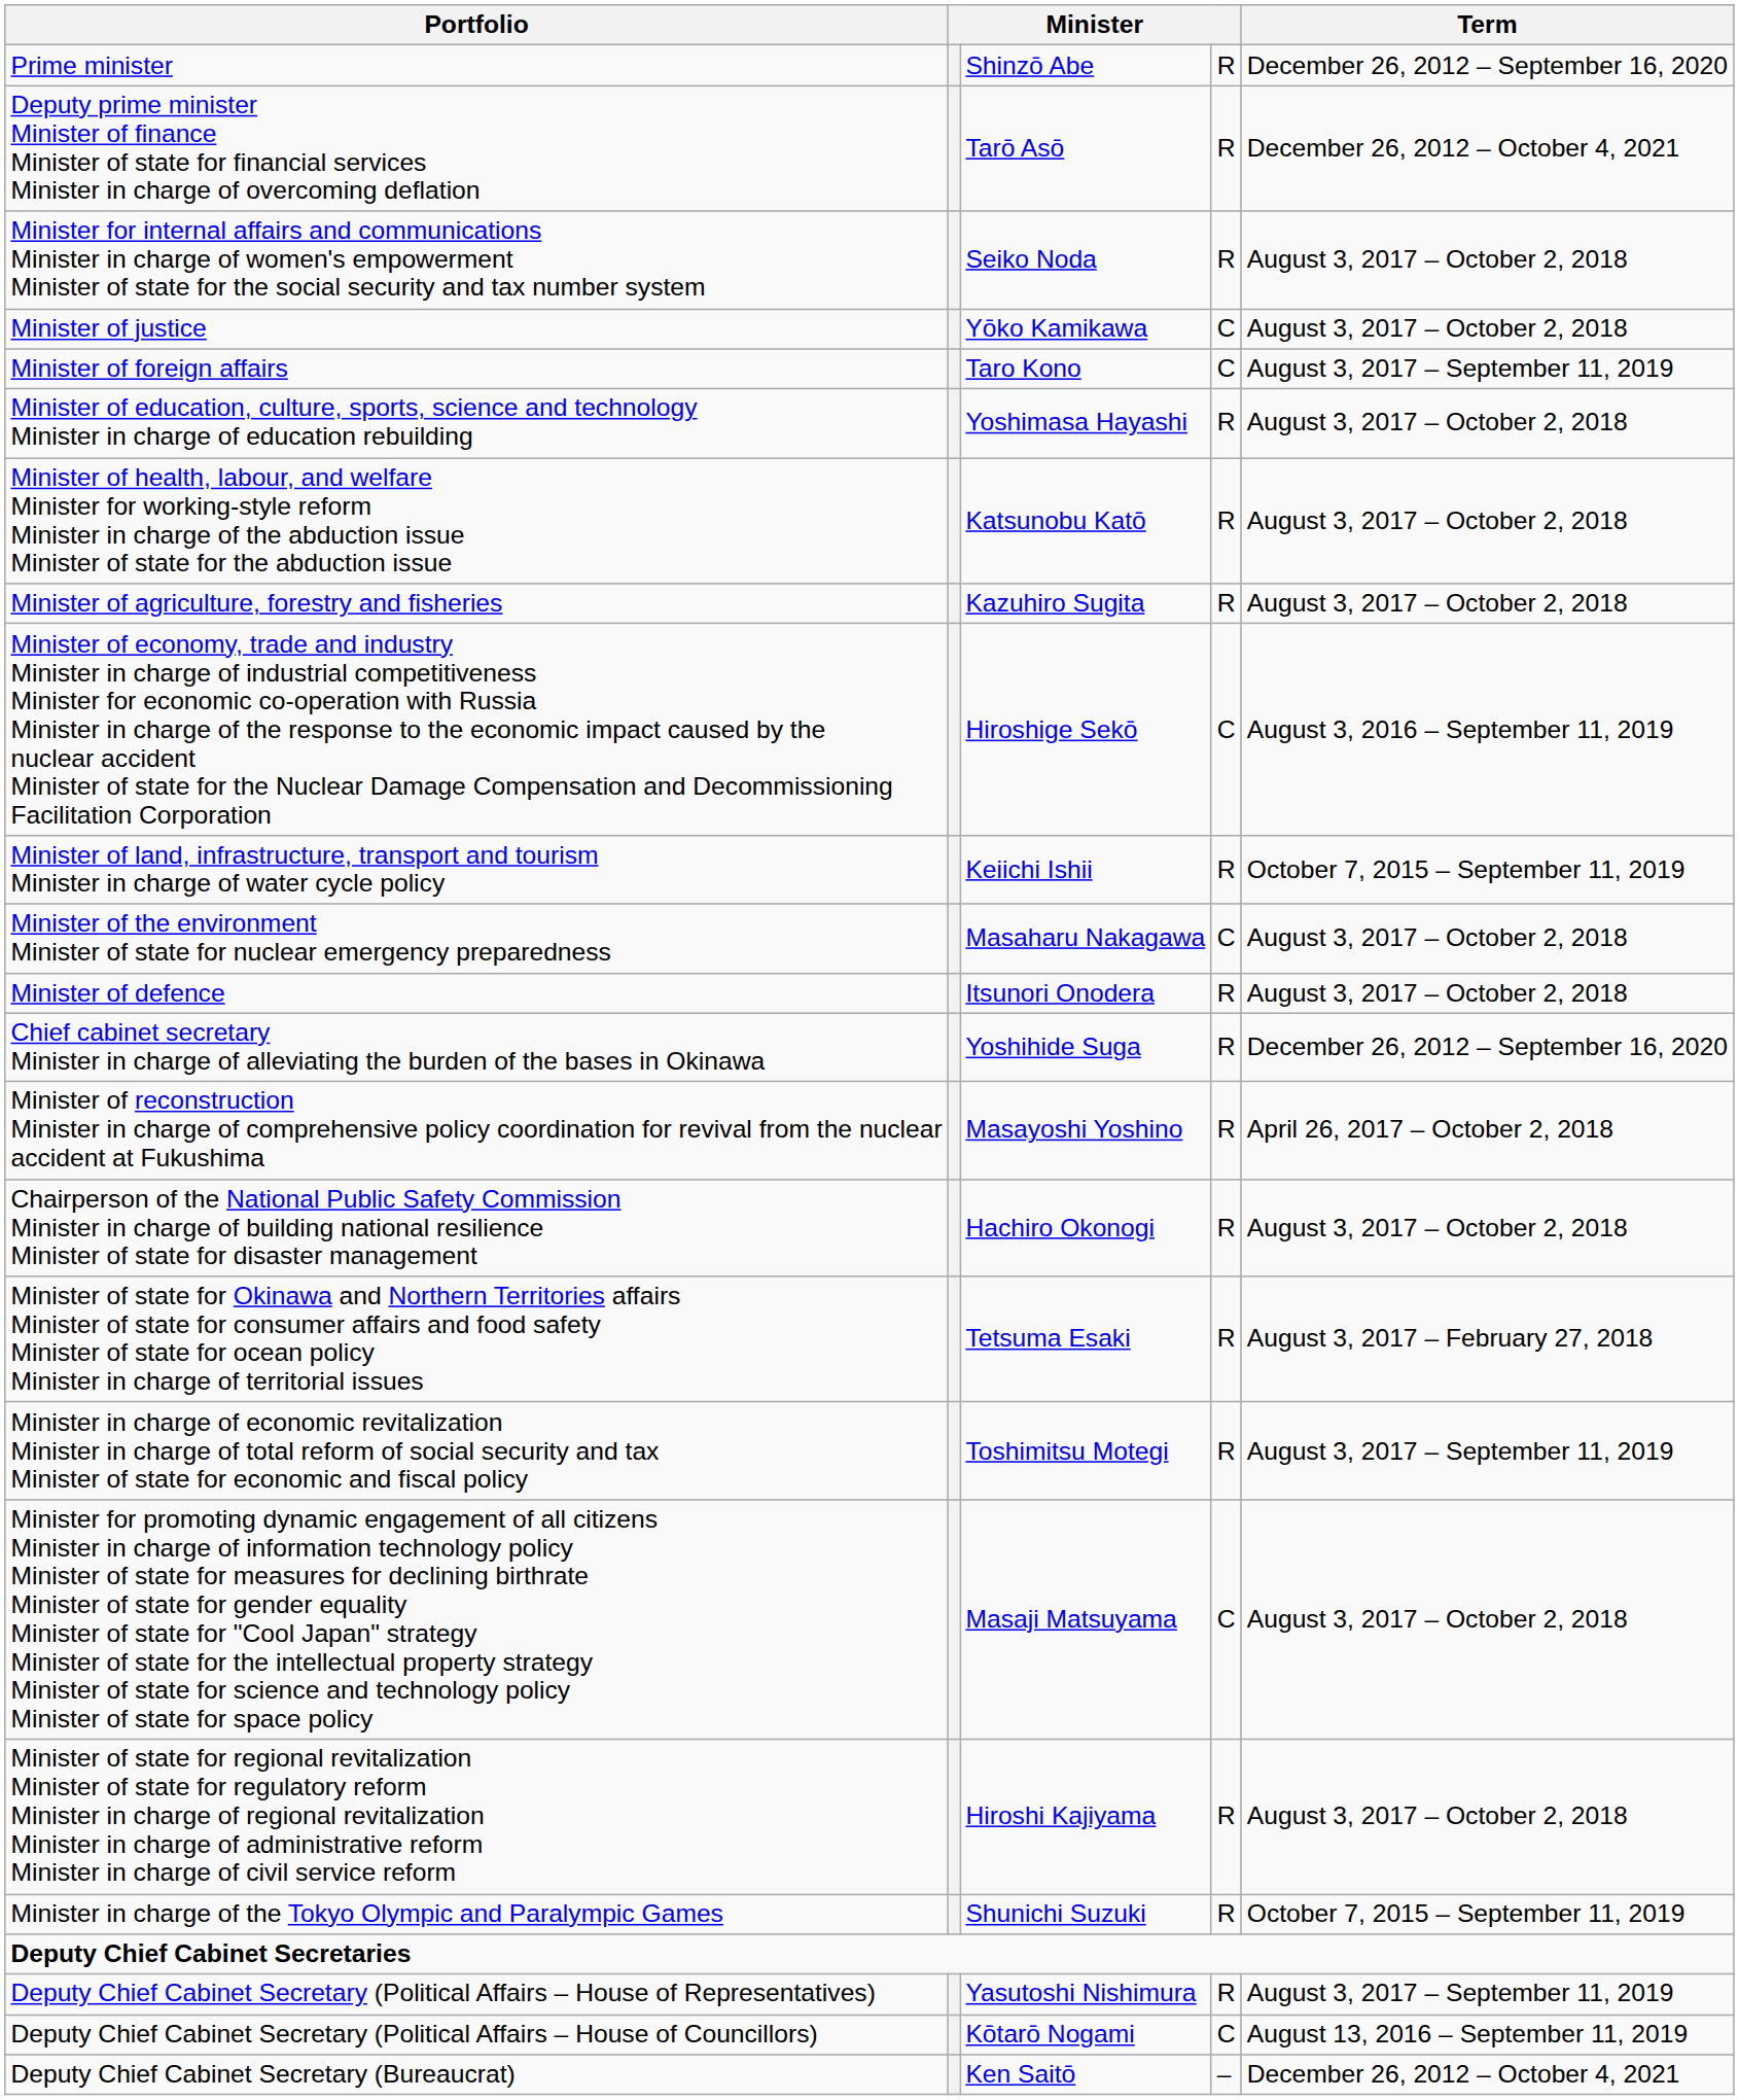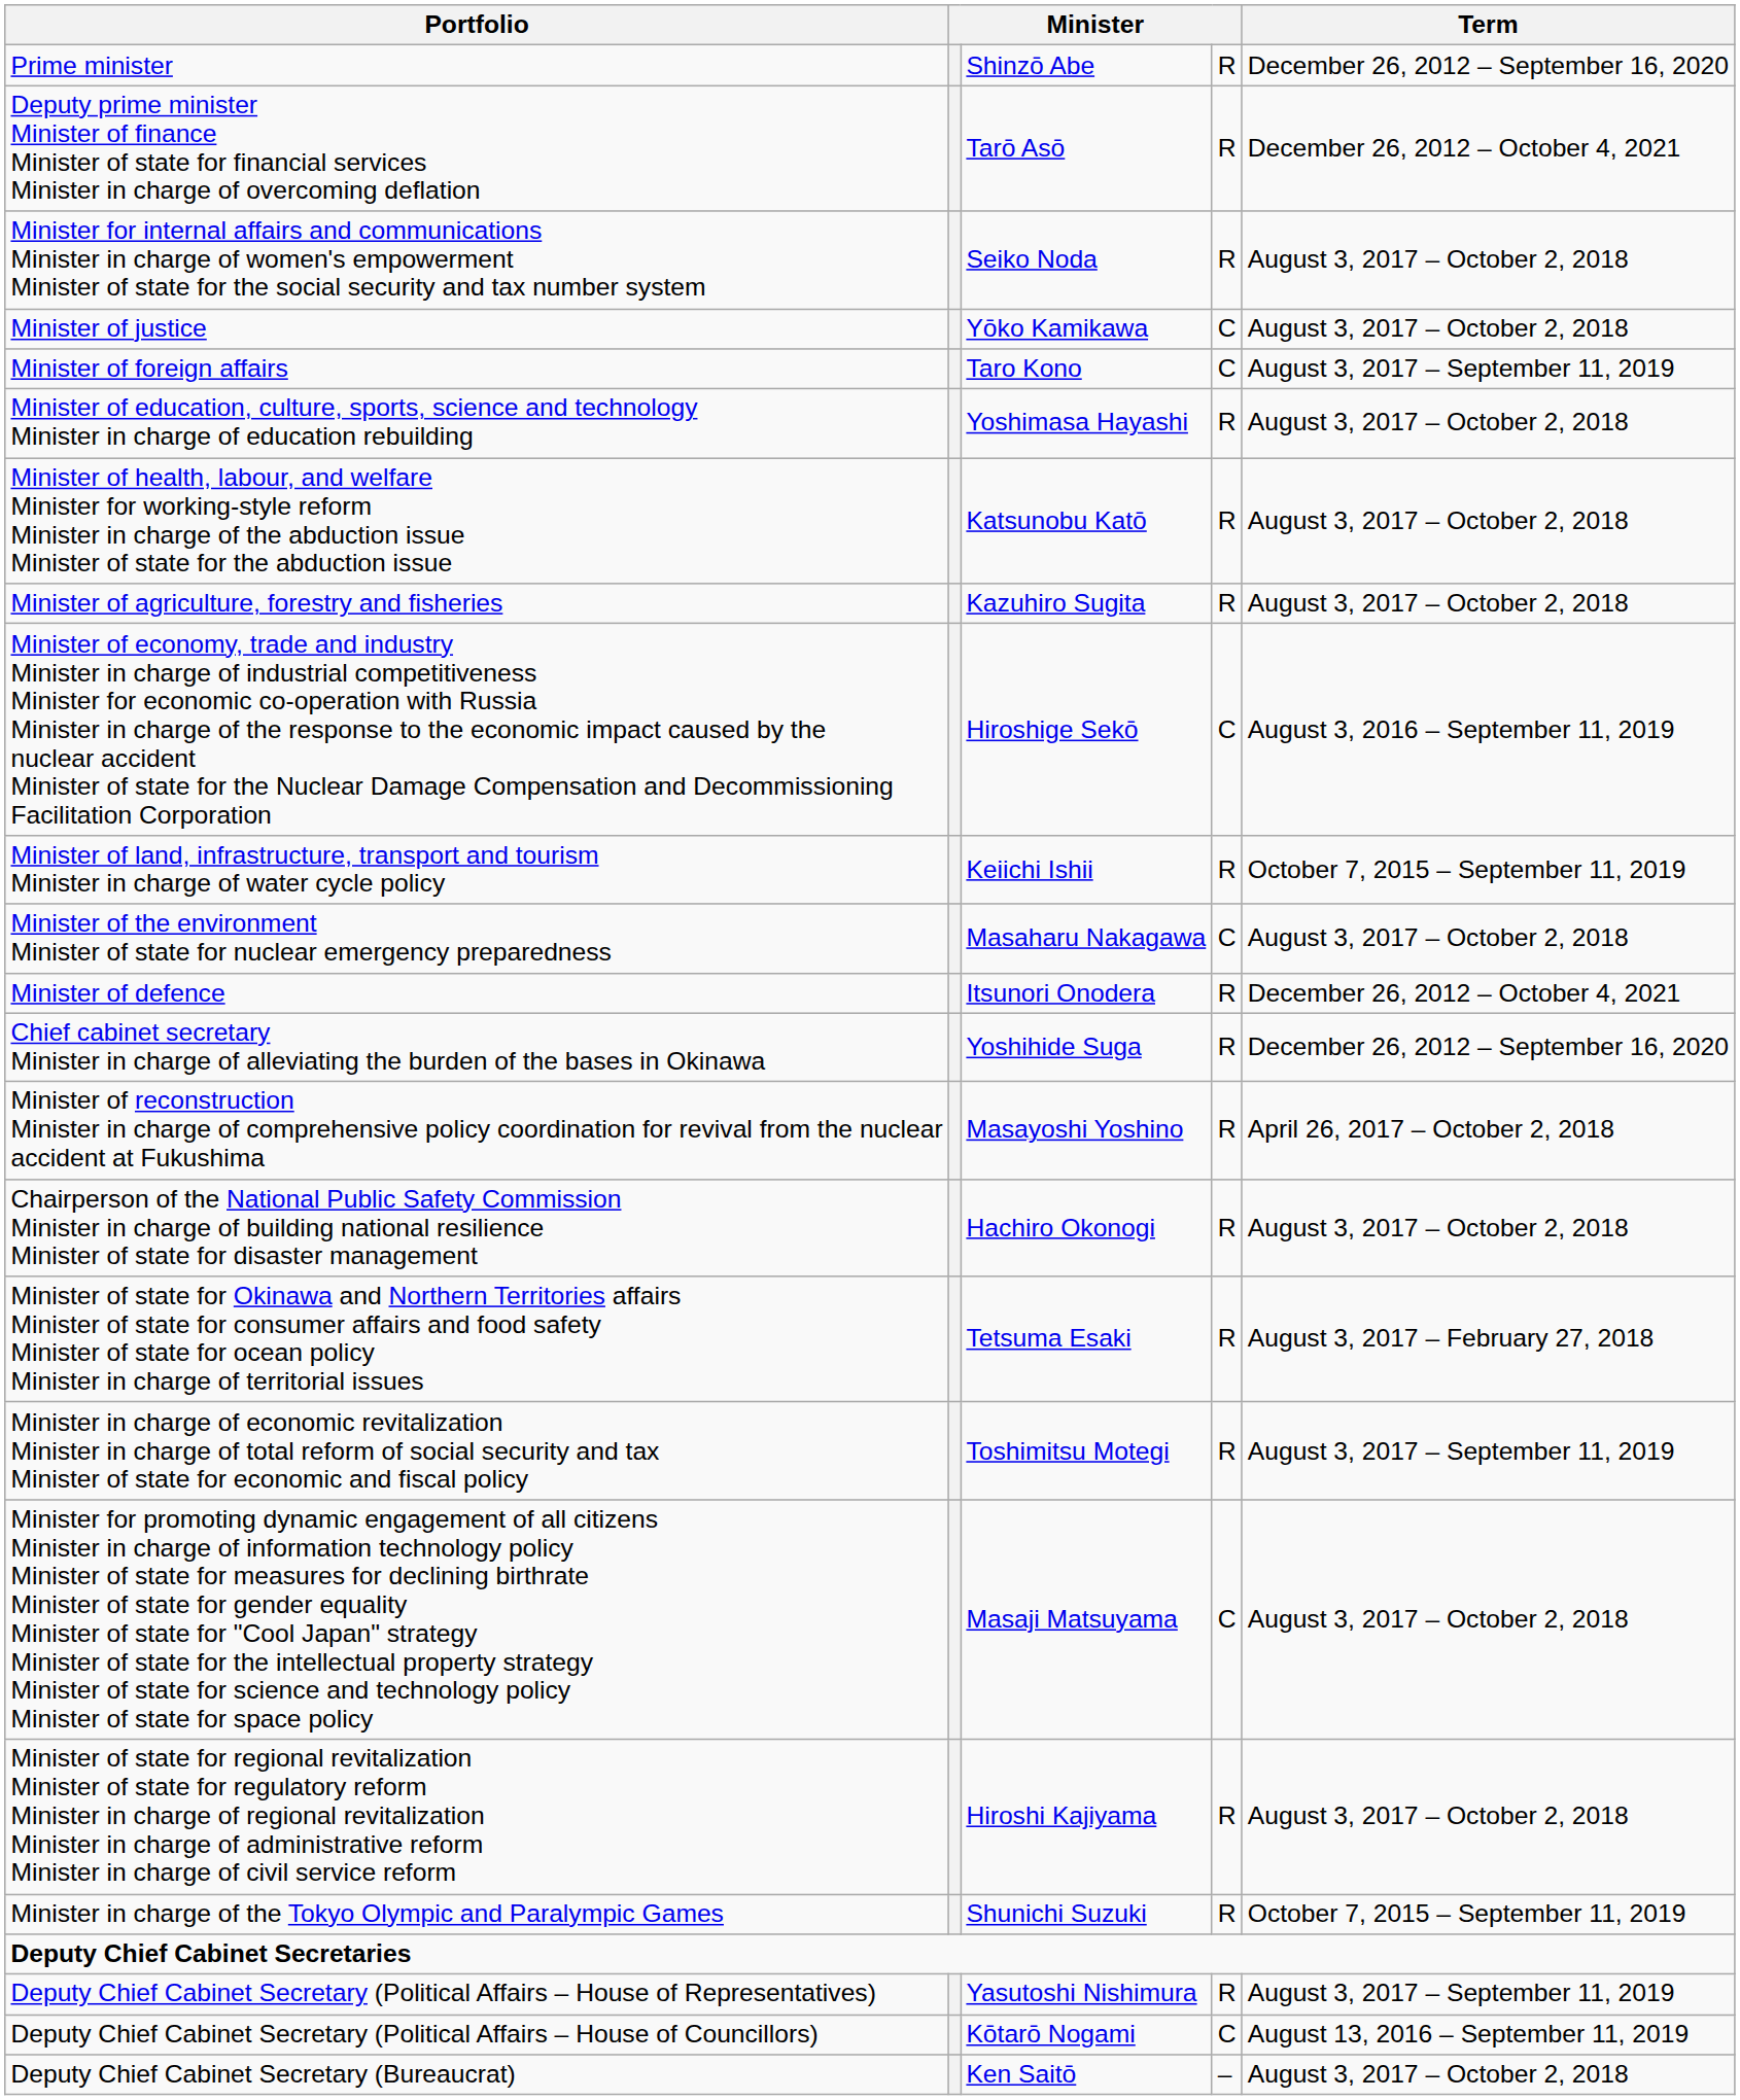 <table class="wikitable">
 <tr>
 <th>Portfolio</th>
 <th colspan=3>Minister</th>
 <th colspan=2>Term</th>
 </tr>
 <tr>
 <td><a href='#'>Prime minister</a></td>
 <th style="color:inherit;background-color: "></th>
 <td><a href='#'>Shinzō Abe</a></td>
 <td>R</td>
 <td>December 26, 2012 – September 16, 2020</td>
 </tr>
 <tr>
 <td><a href='#'>Deputy prime minister</a><br><a href='#'>Minister of finance</a><br>Minister of state for financial services<br>Minister in charge of overcoming deflation</td>
 <th style="color:inherit;background-color: "></th>
 <td><a href='#'>Tarō Asō</a></td>
 <td>R</td>
 <td>December 26, 2012 – October 4, 2021</td>
 </tr>
 <tr>
 <td><a href='#'>Minister for internal affairs and communications</a><br>Minister in charge of women's empowerment<br>Minister of state for the social security and tax number system</td>
 <th style="color:inherit;background-color: "></th>
 <td><a href='#'>Seiko Noda</a></td>
 <td>R</td>
 <td>August 3, 2017 – October 2, 2018</td>
 </tr>
 <tr>
 <td><a href='#'>Minister of justice</a></td>
 <th style="color:inherit;background-color: "></th>
 <td><a href='#'>Yōko Kamikawa</a></td>
 <td>C</td>
 <td>August 3, 2017 – October 2, 2018</td>
 </tr>
 <tr>
 <td><a href='#'>Minister of foreign affairs</a></td>
 <th style="color:inherit;background-color: "></th>
 <td><a href='#'>Taro Kono</a></td>
 <td>C</td>
 <td>August 3, 2017 – September 11, 2019</td>
 </tr>
 <tr>
 <td><a href='#'>Minister of education, culture, sports, science and technology</a><br>Minister in charge of education rebuilding</td>
 <th style="color:inherit;background-color: "></th>
 <td><a href='#'>Yoshimasa Hayashi</a></td>
 <td>R</td>
 <td>August 3, 2017 – October 2, 2018</td>
 </tr>
 <tr>
 <td><a href='#'>Minister of health, labour, and welfare</a> <br>Minister for working-style reform<br>Minister in charge of the abduction issue<br>Minister of state for the abduction issue</td>
 <th style="color:inherit;background-color: "></th>
 <td><a href='#'>Katsunobu Katō</a></td>
 <td>R</td>
 <td>August 3, 2017 – October 2, 2018</td>
 </tr>
 <tr>
 <td><a href='#'>Minister of agriculture, forestry and fisheries</a></td>
 <th style="color:inherit;background-color: "></th>
 <td><a href='#'>Kazuhiro Sugita</a></td>
 <td>R</td>
 <td>August 3, 2017 – October 2, 2018</td>
 </tr>
 <tr>
 <td><a href='#'>Minister of economy, trade and industry</a><br>Minister in charge of industrial competitiveness<br>Minister for economic co-operation with Russia<br>Minister in charge of the response to the economic impact caused by the<br>nuclear accident<br>Minister of state for the Nuclear Damage Compensation and Decommissioning<br>Facilitation Corporation</td>
 <th style="color:inherit;background-color: "></th>
 <td><a href='#'>Hiroshige Sekō</a></td>
 <td>C</td>
 <td>August 3, 2016 – September 11, 2019</td>
 </tr>
 <tr>
 <td><a href='#'>Minister of land, infrastructure, transport and tourism</a><br>Minister in charge of water cycle policy</td>
 <th style="color:inherit;background-color: "></th>
 <td><a href='#'>Keiichi Ishii</a></td>
 <td>R</td>
 <td>October 7, 2015 – September 11, 2019</td>
 </tr>
 <tr>
 <td><a href='#'>Minister of the environment</a><br>Minister of state for nuclear emergency preparedness</td>
 <th style="color:inherit;background-color: "></th>
 <td><a href='#'>Masaharu Nakagawa</a></td>
 <td>C</td>
 <td>August 3, 2017 – October 2, 2018</td>
 </tr>
 <tr>
 <td><a href='#'>Minister of defence</a></td>
 <th style="color:inherit;background-color: "></th>
 <td><a href='#'>Itsunori Onodera</a></td>
 <td>R</td>
-<td>August 3, 2017 – October 2, 2018</td>
+<td>December 26, 2012 – October 4, 2021</td>
 </tr>
 <tr>
 <td><a href='#'>Chief cabinet secretary</a><br>Minister in charge of alleviating the burden of the bases in Okinawa</td>
 <th style="color:inherit;background-color: "></th>
 <td><a href='#'>Yoshihide Suga</a></td>
 <td>R</td>
 <td>December 26, 2012 – September 16, 2020</td>
 </tr>
 <tr>
 <td>Minister of <a href='#'>reconstruction</a><br>Minister in charge of comprehensive policy coordination for revival from the nuclear<br>accident at Fukushima</td>
 <th style="color:inherit;background-color: "></th>
 <td><a href='#'>Masayoshi Yoshino</a></td>
 <td>R</td>
 <td>April 26, 2017 – October 2, 2018</td>
 </tr>
 <tr>
 <td>Chairperson of the <a href='#'>National Public Safety Commission</a><br>Minister in charge of building national resilience<br>Minister of state for disaster management</td>
 <th style="color:inherit;background-color: "></th>
 <td><a href='#'>Hachiro Okonogi</a></td>
 <td>R</td>
 <td>August 3, 2017 – October 2, 2018</td>
 </tr>
 <tr>
 <td>Minister of state for <a href='#'>Okinawa</a> and <a href='#'>Northern Territories</a> affairs<br>Minister of state for consumer affairs and food safety<br>Minister of state for ocean policy<br>Minister in charge of territorial issues</td>
 <th style="color:inherit;background-color: "></th>
 <td><a href='#'>Tetsuma Esaki</a></td>
 <td>R</td>
 <td>August 3, 2017 – February 27, 2018</td>
 </tr>
 <tr>
 <td>Minister in charge of economic revitalization<br>Minister in charge of total reform of social security and tax<br>Minister of state for economic and fiscal policy</td>
 <th style="color:inherit;background-color: "></th>
 <td><a href='#'>Toshimitsu Motegi</a></td>
 <td>R</td>
 <td>August 3, 2017 – September 11, 2019</td>
 </tr>
 <tr>
 <td>Minister for promoting dynamic engagement of all citizens<br>Minister in charge of information technology policy<br>Minister of state for measures for declining birthrate<br>Minister of state for gender equality<br>Minister of state for "Cool Japan" strategy<br>Minister of state for the intellectual property strategy<br>Minister of state for science and technology policy<br>Minister of state for space policy</td>
 <th style="color:inherit;background-color: "></th>
 <td><a href='#'>Masaji Matsuyama</a></td>
 <td>C</td>
 <td>August 3, 2017 – October 2, 2018</td>
 </tr>
 <tr>
 <td>Minister of state for regional revitalization<br>Minister of state for regulatory reform<br>Minister in charge of regional revitalization<br>Minister in charge of administrative reform<br>Minister in charge of civil service reform</td>
 <th style="color:inherit;background-color: "></th>
 <td><a href='#'>Hiroshi Kajiyama</a></td>
 <td>R</td>
 <td>August 3, 2017 – October 2, 2018</td>
 </tr>
 <tr>
 <td>Minister in charge of the <a href='#'>Tokyo Olympic and Paralympic Games</a></td>
 <th style="color:inherit;background-color: "></th>
 <td><a href='#'>Shunichi Suzuki</a></td>
 <td>R</td>
 <td>October 7, 2015 – September 11, 2019</td>
 </tr>
 <tr>
 <td colspan=5><strong>Deputy Chief Cabinet Secretaries</strong></td>
 </tr>
 <tr>
 <td><a href='#'>Deputy Chief Cabinet Secretary</a> (Political Affairs – House of Representatives)</td>
 <th style="color:inherit;background-color: "></th>
 <td><a href='#'>Yasutoshi Nishimura</a></td>
 <td>R</td>
 <td>August 3, 2017 – September 11, 2019</td>
 </tr>
 <tr>
 <td>Deputy Chief Cabinet Secretary (Political Affairs – House of Councillors)</td>
 <th style="color:inherit;background-color: "></th>
 <td><a href='#'>Kōtarō Nogami</a></td>
 <td>C</td>
 <td>August 13, 2016 – September 11, 2019</td>
 </tr>
 <tr>
 <td>Deputy Chief Cabinet Secretary (Bureaucrat)</td>
 <th style="color:inherit;background-color: "></th>
 <td><a href='#'>Ken Saitō</a></td>
 <td>–</td>
-<td>December 26, 2012 – October 4, 2021</td>
+<td>August 3, 2017 – October 2, 2018</td>
 </tr>
 </table>
